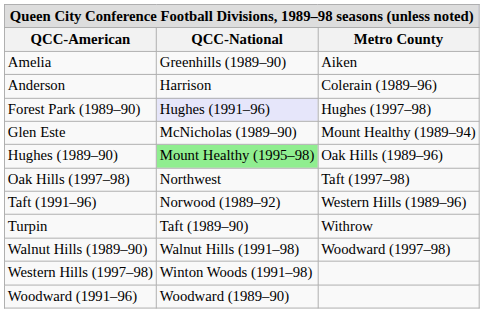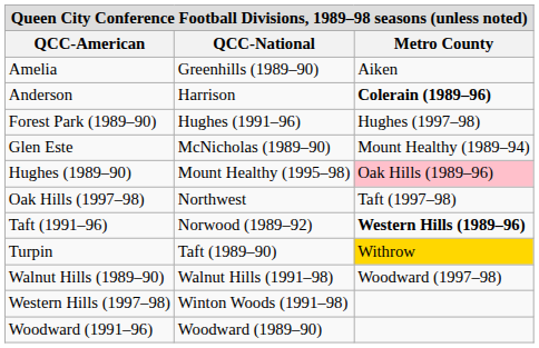 <table class="wikitable">
 <tr style="background:#ccf;">
 <th colspan="6" style="background:#ddd;">Queen City Conference Football Divisions, 1989–98 seasons (unless noted)</th>
 </tr>
 <tr>
 <th>QCC-American</th>
 <th>QCC-National</th>
 <th>Metro County</th>
 </tr>
 <tr>
 <td>Amelia</td>
 <td>Greenhills (1989–90)</td>
 <td>Aiken</td>
 </tr>
 <tr>
 <td>Anderson</td>
 <td>Harrison</td>
-<td>Colerain (1989–96)</td>
+<td><strong>Colerain (1989–96)</strong></td>
 </tr>
 <tr>
 <td>Forest Park (1989–90)</td>
-<td style="background: lavender;">Hughes (1991–96)</td>
+<td>Hughes (1991–96)</td>
 <td>Hughes (1997–98)</td>
 </tr>
 <tr>
 <td>Glen Este</td>
 <td>McNicholas (1989–90)</td>
 <td>Mount Healthy (1989–94)</td>
 </tr>
 <tr>
 <td>Hughes (1989–90)</td>
-<td style="background: lightgreen;">Mount Healthy (1995–98)</td>
-<td>Oak Hills (1989–96)</td>
+<td>Mount Healthy (1995–98)</td>
+<td style="background: pink;">Oak Hills (1989–96)</td>
 </tr>
 <tr>
 <td>Oak Hills (1997–98)</td>
 <td>Northwest</td>
 <td>Taft (1997–98)</td>
 </tr>
 <tr>
 <td>Taft (1991–96)</td>
 <td>Norwood (1989–92)</td>
-<td>Western Hills (1989–96)</td>
+<td><strong>Western Hills (1989–96)</strong></td>
 </tr>
 <tr>
 <td>Turpin</td>
 <td>Taft (1989–90)</td>
-<td>Withrow</td>
+<td style="background: gold;">Withrow</td>
 </tr>
 <tr>
 <td>Walnut Hills (1989–90)</td>
 <td>Walnut Hills (1991–98)</td>
 <td>Woodward (1997–98)</td>
 </tr>
 <tr>
 <td>Western Hills (1997–98)</td>
 <td>Winton Woods (1991–98)</td>
 <td></td>
 </tr>
 <tr>
 <td>Woodward (1991–96)</td>
 <td>Woodward (1989–90)</td>
 <td></td>
 </tr>
 </table>
